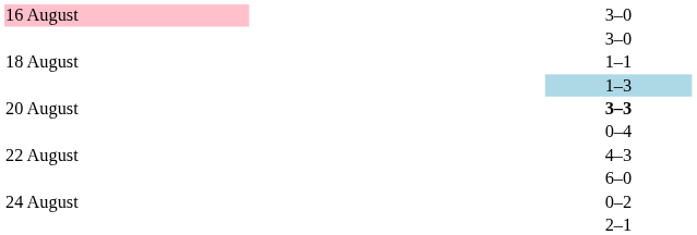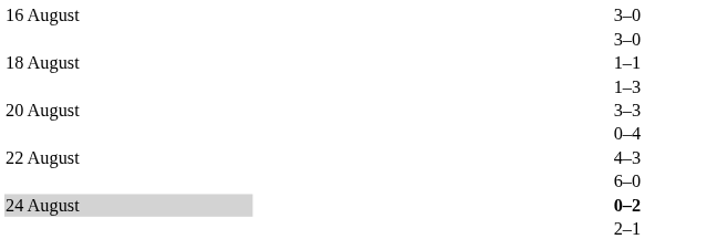 <table cellspacing=1 width=70%>
 <tr>
 <th width=25%></th>
 <th width=30%></th>
 <th width=15%></th>
 <th width=30%></th>
 </tr>
 <tr>
-<td style="background: pink;">16 August</td>
+<td>16 August</td>
 <td align=right></td>
 <td align=center>3–0</td>
 <td></td>
 </tr>
 <tr>
 <td></td>
 <td align=right></td>
 <td align=center>3–0</td>
 <td></td>
 </tr>
 <tr>
 <td>18 August</td>
 <td align=right></td>
 <td align=center>1–1</td>
 <td></td>
 </tr>
 <tr>
 <td></td>
 <td align=right></td>
-<td align=center style="background: lightblue;">1–3</td>
+<td align=center>1–3</td>
 <td></td>
 </tr>
 <tr>
 <td>20 August</td>
 <td align=right></td>
-<td align=center><strong>3–3</strong></td>
+<td align=center>3–3</td>
 <td></td>
 </tr>
 <tr>
 <td></td>
 <td align=right></td>
 <td align=center>0–4</td>
 <td></td>
 </tr>
 <tr>
 <td>22 August</td>
 <td align=right></td>
 <td align=center>4–3</td>
 <td></td>
 </tr>
 <tr>
 <td></td>
 <td align=right></td>
 <td align=center>6–0</td>
 <td></td>
 </tr>
 <tr>
-<td>24 August</td>
+<td style="background: lightgrey;">24 August</td>
 <td align=right></td>
-<td align=center>0–2</td>
+<td align=center><strong>0–2</strong></td>
 <td></td>
 </tr>
 <tr>
 <td></td>
 <td align=right></td>
 <td align=center>2–1</td>
 <td></td>
 </tr>
 </table>
